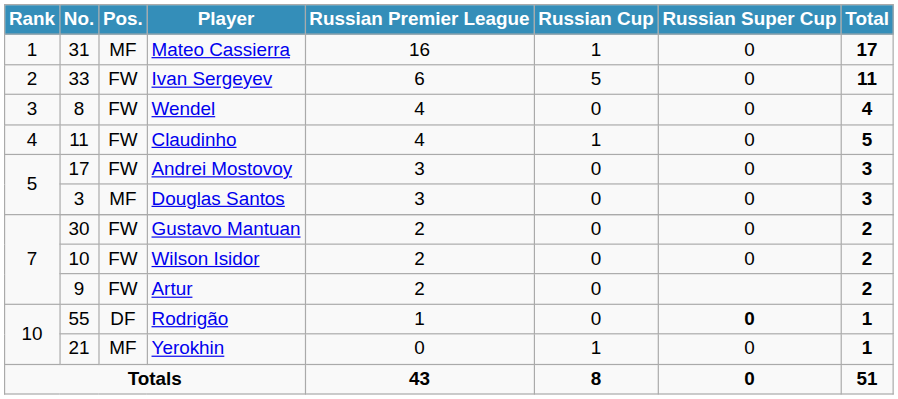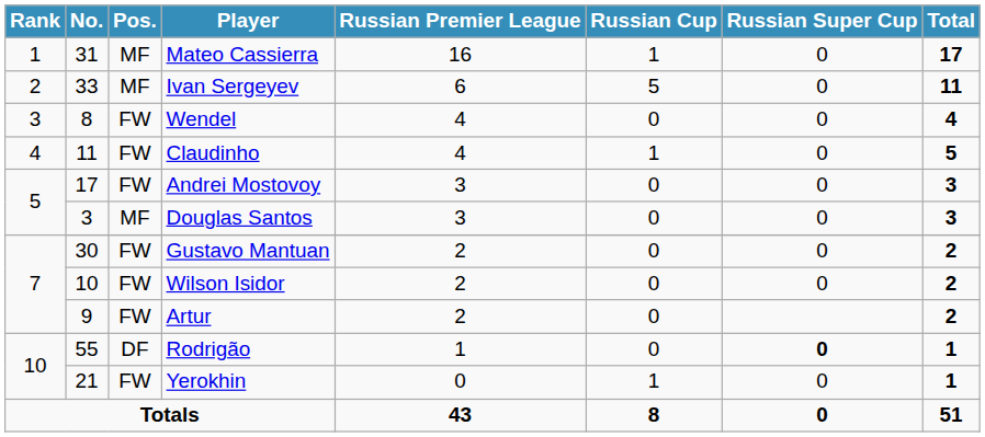 <table class="wikitable" style="text-align:center">
 <tr>
 <th style=background-color:#348EB9;color:#FFFFFF>Rank</th>
 <th style=background-color:#348EB9;color:#FFFFFF>No.</th>
 <th style=background-color:#348EB9;color:#FFFFFF>Pos.</th>
 <th style=background-color:#348EB9;color:#FFFFFF>Player</th>
 <th style=background-color:#348EB9;color:#FFFFFF>Russian Premier League</th>
 <th style=background-color:#348EB9;color:#FFFFFF>Russian Cup</th>
 <th style=background-color:#348EB9;color:#FFFFFF>Russian Super Cup</th>
 <th style=background-color:#348EB9;color:#FFFFFF>Total</th>
 </tr>
 <tr>
 <td>1</td>
 <td>31</td>
 <td>MF</td>
 <td align="left"><a href='#'>Mateo Cassierra</a></td>
 <td>16</td>
 <td>1</td>
 <td>0</td>
 <td><strong>17</strong></td>
 </tr>
 <tr>
 <td>2</td>
 <td>33</td>
-<td>FW</td>
+<td>MF</td>
 <td align="left"><a href='#'>Ivan Sergeyev</a></td>
 <td>6</td>
 <td>5</td>
 <td>0</td>
 <td><strong>11</strong></td>
 </tr>
 <tr>
 <td>3</td>
 <td>8</td>
 <td>FW</td>
 <td align="left"><a href='#'>Wendel</a></td>
 <td>4</td>
 <td>0</td>
 <td>0</td>
 <td><strong>4</strong></td>
 </tr>
 <tr>
 <td>4</td>
 <td>11</td>
 <td>FW</td>
 <td align="left"><a href='#'>Claudinho</a></td>
 <td>4</td>
 <td>1</td>
 <td>0</td>
 <td><strong>5</strong></td>
 </tr>
 <tr>
 <td rowspan="2">5</td>
 <td>17</td>
 <td>FW</td>
 <td align="left"><a href='#'>Andrei Mostovoy</a></td>
 <td>3</td>
 <td>0</td>
 <td>0</td>
 <td><strong>3</strong></td>
 </tr>
 <tr>
 <td>3</td>
 <td>MF</td>
 <td align="left"><a href='#'>Douglas Santos</a></td>
 <td>3</td>
 <td>0</td>
 <td>0</td>
 <td><strong>3</strong></td>
 </tr>
 <tr>
 <td rowspan="4">7</td>
 </tr>
 <tr>
 <td>30</td>
 <td>FW</td>
 <td align="left"><a href='#'>Gustavo Mantuan</a></td>
 <td>2</td>
 <td>0</td>
 <td>0</td>
 <td><strong>2</strong></td>
 </tr>
 <tr>
 <td>10</td>
 <td>FW</td>
 <td align="left"><a href='#'>Wilson Isidor</a></td>
 <td>2</td>
 <td>0</td>
 <td>0</td>
 <td><strong>2</strong></td>
 </tr>
 <tr>
 <td>9</td>
 <td>FW</td>
 <td align="left"><a href='#'>Artur</a></td>
 <td>2</td>
 <td>0</td>
 <td></td>
 <td><strong>2</strong></td>
 </tr>
 <tr>
 <td rowspan="2">10</td>
 <td>55</td>
 <td>DF</td>
 <td align="left"><a href='#'>Rodrigão</a></td>
 <td>1</td>
 <td>0</td>
 <td><strong>0</strong></td>
 <td><strong>1</strong></td>
 </tr>
 <tr>
 <td>21</td>
-<td>MF</td>
+<td>FW</td>
 <td align="left"><a href='#'>Yerokhin</a></td>
 <td>0</td>
 <td>1</td>
 <td>0</td>
 <td><strong>1</strong></td>
 </tr>
 <tr>
 <td colspan=4><strong>Totals</strong></td>
 <td><strong>43</strong></td>
 <td><strong>8</strong></td>
 <td><strong>0</strong></td>
 <td><strong>51</strong></td>
 </tr>
 </table>
